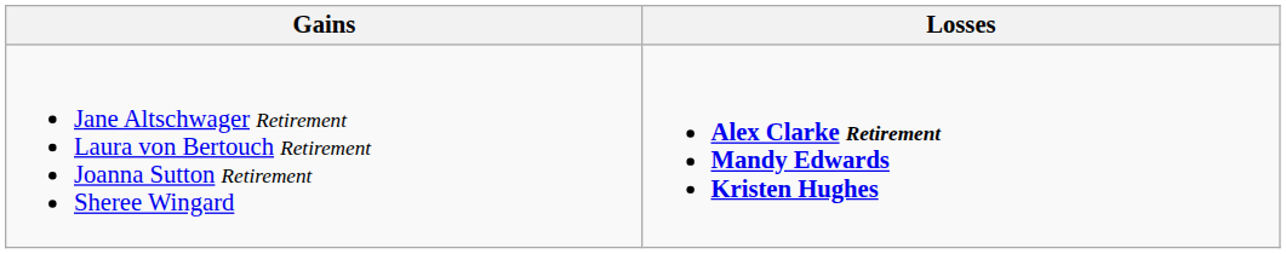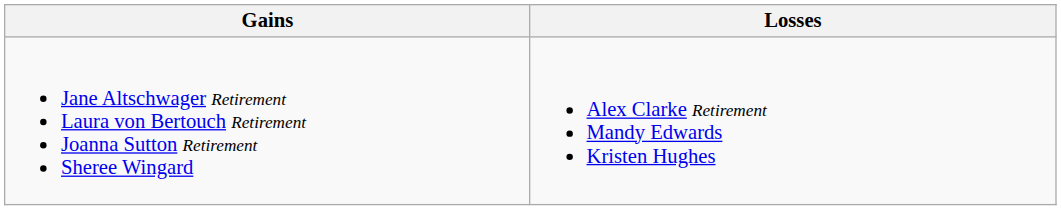 <table class=wikitable>
 <tr>
 <th width=400> Gains</th>
 <th width=400> Losses</th>
 </tr>
 <tr>
 <td><br><ul><li><a href='#'>Jane Altschwager</a> <small><em>Retirement</em></small></li><li><a href='#'>Laura von Bertouch</a> <small><em>Retirement</em></small> </li><li><a href='#'>Joanna Sutton</a> <small><em>Retirement</em></small></li><li><a href='#'>Sheree Wingard</a></li></ul></td>
-<td><strong><br><ul><li><a href='#'>Alex Clarke</a> <small><em>Retirement</em></small> </li><li><a href='#'>Mandy Edwards</a></li><li><a href='#'>Kristen Hughes</a></li></ul></strong></td>
+<td><br><ul><li><a href='#'>Alex Clarke</a> <small><em>Retirement</em></small> </li><li><a href='#'>Mandy Edwards</a></li><li><a href='#'>Kristen Hughes</a></li></ul></td>
 </tr>
 </table>
